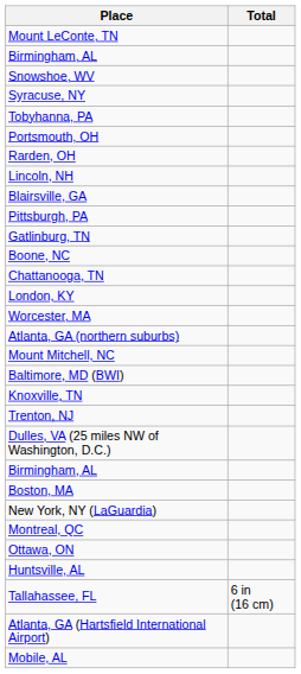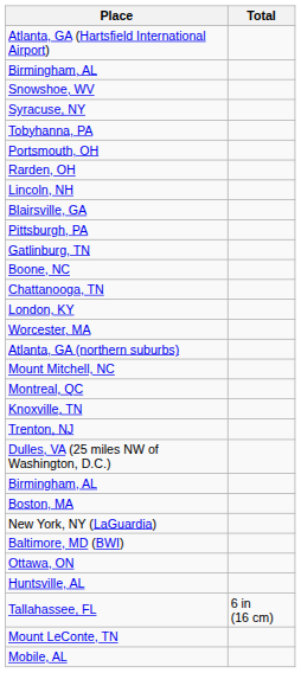 <table class="wikitable" style="width: 350px; font-size: 95%; float: right; clear: right;">
 <tr>
 <th>Place</th>
 <th>Total</th>
 </tr>
 <tr>
-<td><a href='#'>Mount LeConte, TN</a></td>
+<td><a href='#'>Atlanta, GA</a> (<a href='#'>Hartsfield International Airport</a>)</td>
 <td></td>
 </tr>
 <tr>
 <td><a href='#'>Birmingham, AL</a></td>
 <td></td>
 </tr>
 <tr>
 <td><a href='#'>Snowshoe, WV</a></td>
 <td></td>
 </tr>
 <tr>
 <td><a href='#'>Syracuse, NY</a></td>
 <td></td>
 </tr>
 <tr>
 <td><a href='#'>Tobyhanna, PA</a></td>
 <td></td>
 </tr>
 <tr>
 <td><a href='#'>Portsmouth, OH</a></td>
 <td></td>
 </tr>
 <tr>
 <td><a href='#'>Rarden, OH</a></td>
 <td></td>
 </tr>
 <tr>
 <td><a href='#'>Lincoln, NH</a></td>
 <td></td>
 </tr>
 <tr>
 <td><a href='#'>Blairsville, GA</a></td>
 <td></td>
 </tr>
 <tr>
 <td><a href='#'>Pittsburgh, PA</a></td>
 <td></td>
 </tr>
 <tr>
 <td><a href='#'>Gatlinburg, TN</a></td>
 <td></td>
 </tr>
 <tr>
 <td><a href='#'>Boone, NC</a></td>
 <td></td>
 </tr>
 <tr>
 <td><a href='#'>Chattanooga, TN</a></td>
 <td></td>
 </tr>
 <tr>
 <td><a href='#'>London, KY</a></td>
 <td></td>
 </tr>
 <tr>
 <td><a href='#'>Worcester, MA</a></td>
 <td></td>
 </tr>
 <tr>
 <td><a href='#'>Atlanta, GA (northern suburbs)</a></td>
 <td></td>
 </tr>
 <tr>
 <td><a href='#'>Mount Mitchell, NC</a></td>
 <td></td>
 </tr>
 <tr>
-<td><a href='#'>Baltimore, MD</a> (<a href='#'>BWI</a>)</td>
+<td><a href='#'>Montreal, QC</a></td>
 <td></td>
 </tr>
 <tr>
 <td><a href='#'>Knoxville, TN</a></td>
 <td></td>
 </tr>
 <tr>
 <td><a href='#'>Trenton, NJ</a></td>
 <td></td>
 </tr>
 <tr>
 <td><a href='#'>Dulles, VA</a> (25 miles NW of Washington, D.C.)</td>
 <td></td>
 </tr>
 <tr>
 <td><a href='#'>Birmingham, AL</a></td>
 <td></td>
 </tr>
 <tr>
 <td><a href='#'>Boston, MA</a></td>
 <td></td>
 </tr>
 <tr>
 <td>New York, NY (<a href='#'>LaGuardia</a>)</td>
 <td></td>
 </tr>
 <tr>
-<td><a href='#'>Montreal, QC</a></td>
+<td><a href='#'>Baltimore, MD</a> (<a href='#'>BWI</a>)</td>
 <td></td>
 </tr>
 <tr>
 <td><a href='#'>Ottawa, ON</a></td>
 <td></td>
 </tr>
 <tr>
 <td><a href='#'>Huntsville, AL</a></td>
 <td></td>
 </tr>
 <tr>
 <td><a href='#'>Tallahassee, FL</a></td>
 <td>6 in (16 cm)</td>
 </tr>
 <tr>
-<td><a href='#'>Atlanta, GA</a> (<a href='#'>Hartsfield International Airport</a>)</td>
+<td><a href='#'>Mount LeConte, TN</a></td>
 <td></td>
 </tr>
 <tr>
 <td><a href='#'>Mobile, AL</a></td>
 <td></td>
 </tr>
 </table>
